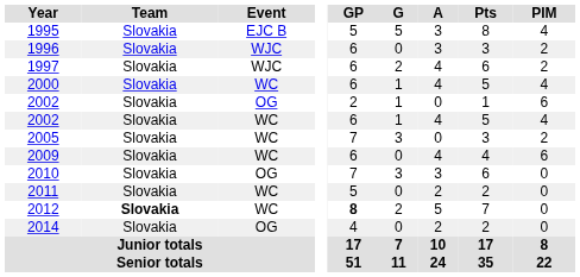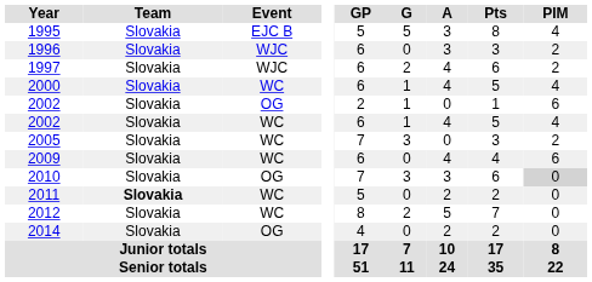 <table border="0" cellpadding="1" cellspacing="0" style="text-align:center; width:40em">
 <tr ALIGN="center" bgcolor="#e0e0e0">
 <th>Year</th>
 <th>Team</th>
 <th>Event</th>
 <th rowspan="99" bgcolor="#ffffff"> </th>
 <th>GP</th>
 <th>G</th>
 <th>A</th>
 <th>Pts</th>
 <th>PIM</th>
 </tr>
 <tr>
 <td><a href='#'>1995</a></td>
 <td><a href='#'>Slovakia</a></td>
 <td><a href='#'>EJC B</a></td>
 <td>5</td>
 <td>5</td>
 <td>3</td>
 <td>8</td>
 <td>4</td>
 </tr>
 <tr style="background:#f0f0f0;">
 <td><a href='#'>1996</a></td>
 <td><a href='#'>Slovakia</a></td>
 <td><a href='#'>WJC</a></td>
 <td>6</td>
 <td>0</td>
 <td>3</td>
 <td>3</td>
 <td>2</td>
 </tr>
 <tr>
 <td><a href='#'>1997</a></td>
 <td>Slovakia</td>
 <td>WJC</td>
 <td>6</td>
 <td>2</td>
 <td>4</td>
 <td>6</td>
 <td>2</td>
 </tr>
 <tr style="background:#f0f0f0;">
 <td><a href='#'>2000</a></td>
 <td><a href='#'>Slovakia</a></td>
 <td><a href='#'>WC</a></td>
 <td>6</td>
 <td>1</td>
 <td>4</td>
 <td>5</td>
 <td>4</td>
 </tr>
 <tr>
 <td><a href='#'>2002</a></td>
 <td>Slovakia</td>
 <td><a href='#'>OG</a></td>
 <td>2</td>
 <td>1</td>
 <td>0</td>
 <td>1</td>
 <td>6</td>
 </tr>
 <tr style="background:#f0f0f0;">
 <td><a href='#'>2002</a></td>
 <td>Slovakia</td>
 <td>WC</td>
 <td>6</td>
 <td>1</td>
 <td>4</td>
 <td>5</td>
 <td>4</td>
 </tr>
 <tr>
 <td><a href='#'>2005</a></td>
 <td>Slovakia</td>
 <td>WC</td>
 <td>7</td>
 <td>3</td>
 <td>0</td>
 <td>3</td>
 <td>2</td>
 </tr>
 <tr style="background:#f0f0f0;">
 <td><a href='#'>2009</a></td>
 <td>Slovakia</td>
 <td>WC</td>
 <td>6</td>
 <td>0</td>
 <td>4</td>
 <td>4</td>
 <td>6</td>
 </tr>
 <tr>
 <td><a href='#'>2010</a></td>
 <td>Slovakia</td>
 <td>OG</td>
 <td>7</td>
 <td>3</td>
 <td>3</td>
 <td>6</td>
-<td>0</td>
+<td style="background: lightgrey;">0</td>
 </tr>
 <tr style="background:#f0f0f0;">
 <td><a href='#'>2011</a></td>
-<td>Slovakia</td>
+<td><strong>Slovakia</strong></td>
 <td>WC</td>
 <td>5</td>
 <td>0</td>
 <td>2</td>
 <td>2</td>
 <td>0</td>
 </tr>
 <tr>
 <td><a href='#'>2012</a></td>
-<td><strong>Slovakia</strong></td>
+<td>Slovakia</td>
 <td>WC</td>
-<td><strong>8</strong></td>
+<td>8</td>
 <td>2</td>
 <td>5</td>
 <td>7</td>
 <td>0</td>
 </tr>
 <tr style="background:#f0f0f0;">
 <td><a href='#'>2014</a></td>
 <td>Slovakia</td>
 <td>OG</td>
 <td>4</td>
 <td>0</td>
 <td>2</td>
 <td>2</td>
 <td>0</td>
 </tr>
 <tr style="background:#e0e0e0;">
 <th colspan=3>Junior totals</th>
 <th>17</th>
 <th>7</th>
 <th>10</th>
 <th>17</th>
 <th>8</th>
 </tr>
 <tr style="background:#e0e0e0;">
 <th colspan=3>Senior totals</th>
 <th>51</th>
 <th>11</th>
 <th>24</th>
 <th>35</th>
 <th>22</th>
 </tr>
 </table>
